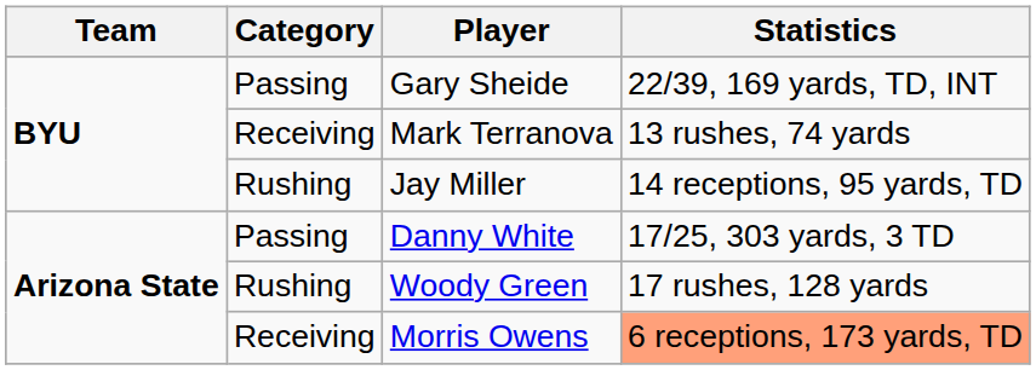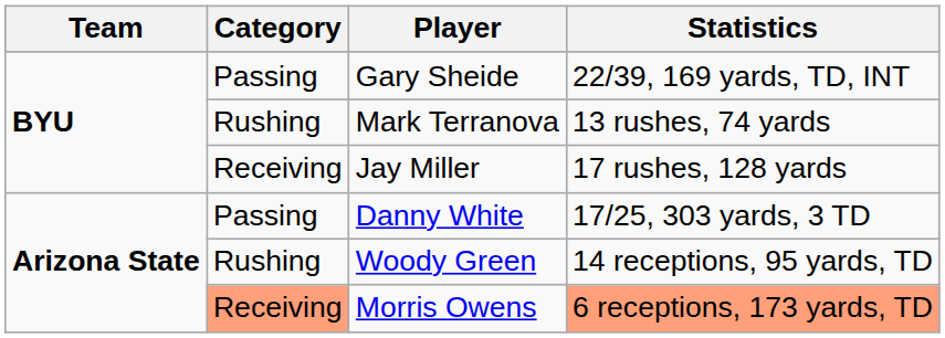 <table class="wikitable" style="float: left;">
 <tr>
 <th>Team</th>
 <th>Category</th>
 <th>Player</th>
 <th>Statistics</th>
 </tr>
 <tr>
 <td rowspan=3><strong>BYU</strong></td>
 <td>Passing</td>
 <td>Gary Sheide</td>
 <td>22/39, 169 yards, TD, INT</td>
 </tr>
 <tr>
-<td>Receiving</td>
+<td>Rushing</td>
 <td>Mark Terranova</td>
 <td>13 rushes, 74 yards</td>
 </tr>
 <tr>
-<td>Rushing</td>
+<td>Receiving</td>
 <td>Jay Miller</td>
-<td>14 receptions, 95 yards, TD</td>
+<td>17 rushes, 128 yards</td>
 </tr>
 <tr>
 <td rowspan=3><strong>Arizona State</strong></td>
 <td>Passing</td>
 <td><a href='#'>Danny White</a></td>
 <td>17/25, 303 yards, 3 TD</td>
 </tr>
 <tr>
 <td>Rushing</td>
 <td><a href='#'>Woody Green</a></td>
-<td>17 rushes, 128 yards</td>
+<td>14 receptions, 95 yards, TD</td>
 </tr>
 <tr>
-<td>Receiving</td>
+<td style="background: lightsalmon;">Receiving</td>
 <td><a href='#'>Morris Owens</a></td>
 <td style="background: lightsalmon;">6 receptions, 173 yards, TD</td>
 </tr>
 </table>
